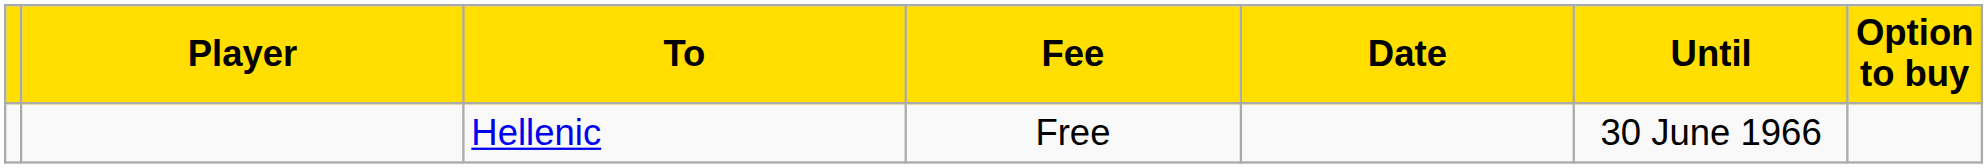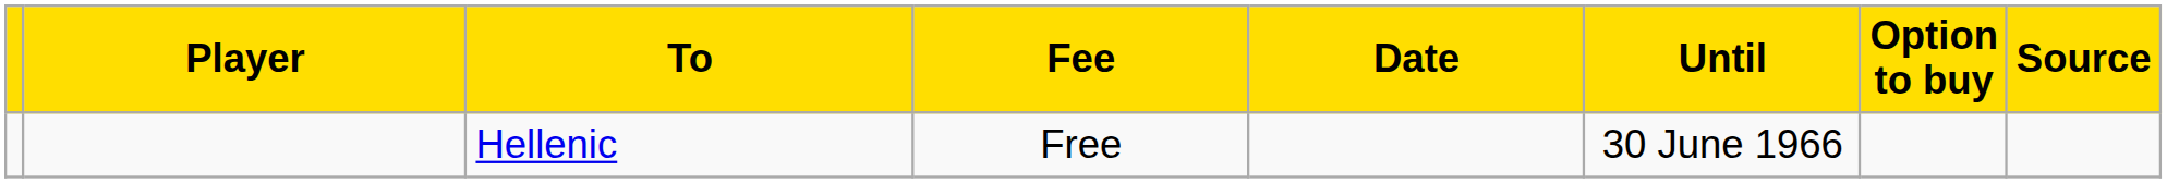 <table class="wikitable sortable">
 <tr>
 <th style="background:#FFDE00"></th>
 <th width=200 style="background:#FFDE00">Player</th>
 <th width=200 style="background:#FFDE00">To</th>
 <th width=150 style="background:#FFDE00">Fee</th>
 <th width=150 style="background:#FFDE00">Date</th>
 <th width=120 style="background:#FFDE00">Until</th>
 <th style="background:#FFDE00">Option to buy</th>
+<th style="background:#FFDE00">Source</th>
 </tr>
 <tr>
 <td align=center></td>
 <td></td>
 <td> <a href='#'>Hellenic</a></td>
 <td align=center>Free</td>
 <td align=center></td>
 <td align=center>30 June 1966</td>
 <td align=center></td>
+<td align=center></td>
 </tr>
 </table>
